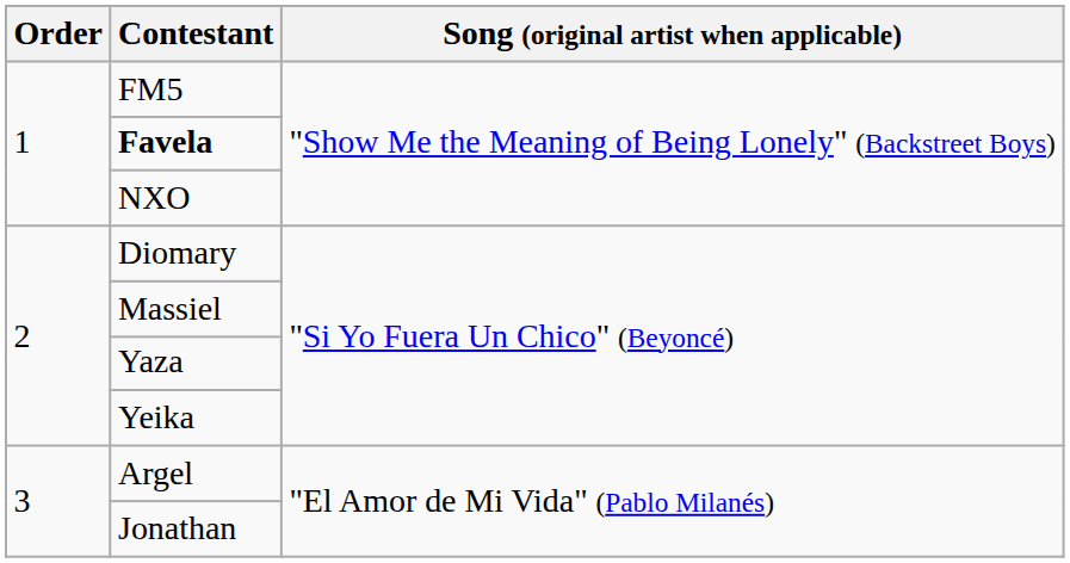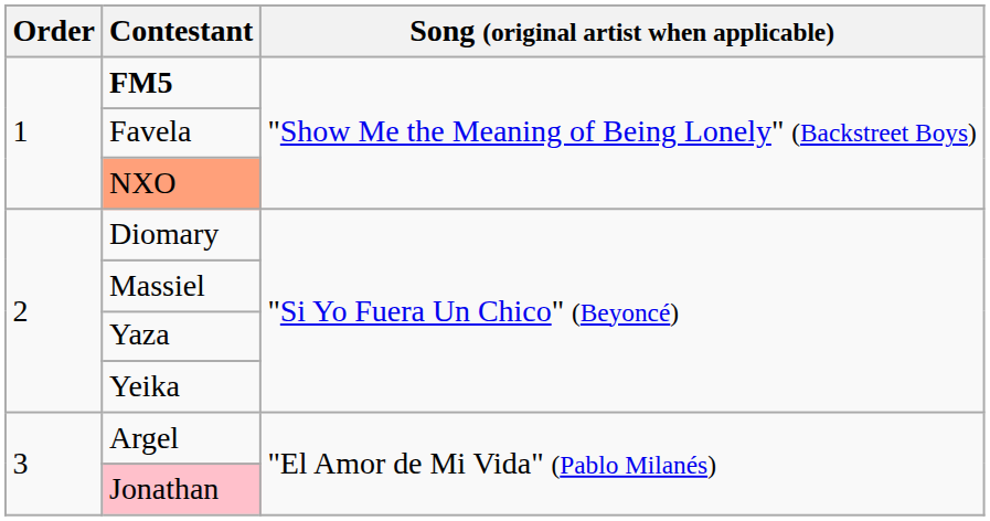 <table class="wikitable" style="font-size:90%;">
 <tr>
 <th>Order</th>
 <th>Contestant</th>
 <th>Song <small>(original artist when applicable)</small></th>
 </tr>
 <tr>
 <td rowspan="3">1</td>
-<td>FM5</td>
+<td><strong>FM5</strong></td>
 <td rowspan="3">"<a href='#'>Show Me the Meaning of Being Lonely</a>" <small>(<a href='#'>Backstreet Boys</a>)</small></td>
 </tr>
 <tr>
-<td><strong>Favela</strong></td>
+<td>Favela</td>
 </tr>
 <tr>
-<td>NXO</td>
+<td style="background: lightsalmon;">NXO</td>
 </tr>
 <tr>
 <td rowspan="4">2</td>
 <td>Diomary</td>
 <td rowspan="4">"<a href='#'>Si Yo Fuera Un Chico</a>" <small>(<a href='#'>Beyoncé</a>)</small></td>
 </tr>
 <tr>
 <td>Massiel</td>
 </tr>
 <tr>
 <td>Yaza</td>
 </tr>
 <tr>
 <td>Yeika</td>
 </tr>
 <tr>
 <td rowspan="2">3</td>
 <td>Argel</td>
 <td rowspan="2">"El Amor de Mi Vida" <small>(<a href='#'>Pablo Milanés</a>)</small></td>
 </tr>
 <tr>
-<td>Jonathan</td>
+<td style="background: pink;">Jonathan</td>
 </tr>
 </table>
